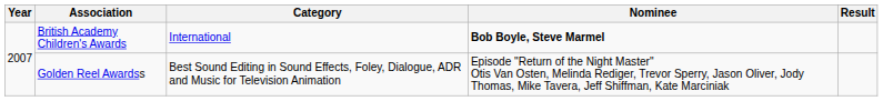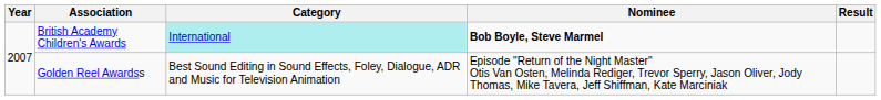 <table class="wikitable">
 <tr>
 <th>Year</th>
 <th>Association</th>
 <th>Category</th>
 <th>Nominee</th>
 <th>Result</th>
 </tr>
 <tr>
 <td rowspan="2">2007</td>
 <td><a href='#'>British Academy Children's Awards</a></td>
-<td><a href='#'>International</a></td>
+<td style="background: paleturquoise;"><a href='#'>International</a></td>
 <td><strong>Bob Boyle, Steve Marmel</strong></td>
 <td></td>
 </tr>
 <tr>
 <td><a href='#'>Golden Reel Awards</a>s</td>
 <td>Best Sound Editing in Sound Effects, Foley, Dialogue, ADR and Music for Television Animation</td>
 <td>Episode "Return of the Night Master"<br>Otis Van Osten, Melinda Rediger, Trevor Sperry, Jason Oliver, Jody Thomas, Mike Tavera, Jeff Shiffman, Kate Marciniak</td>
 <td></td>
 </tr>
 </table>
